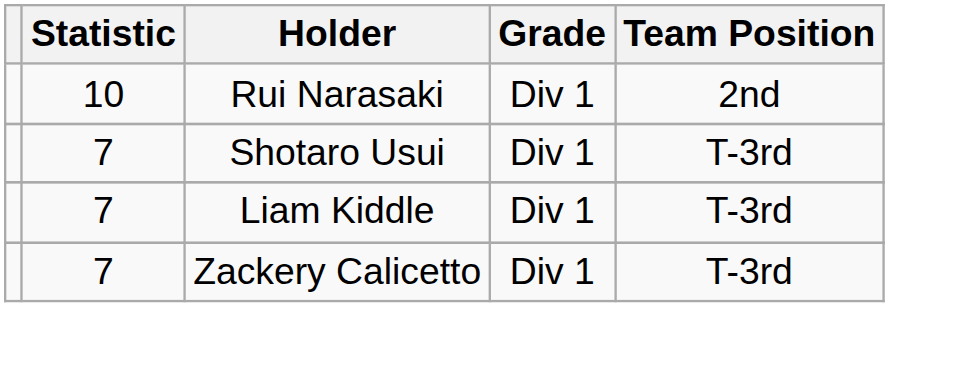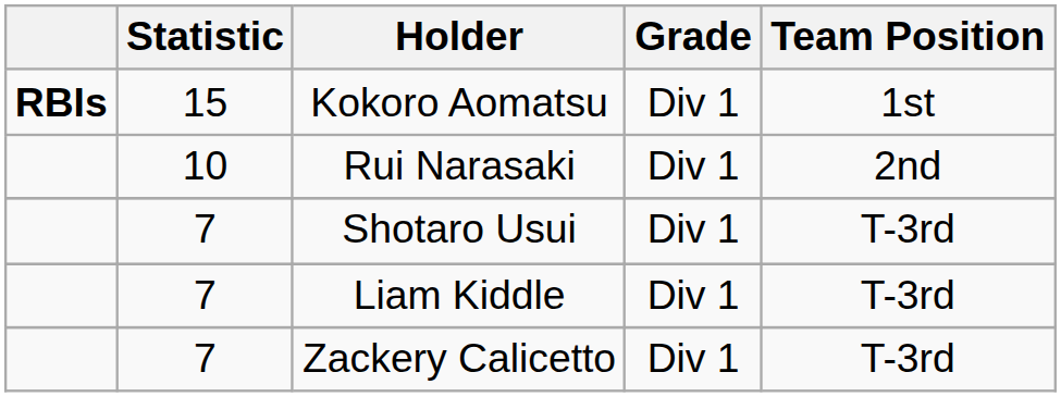 <table class="wikitable" style="text-align: center; mPERin: 0 auto;">
 <tr>
 <th></th>
 <th>Statistic</th>
 <th>Holder</th>
 <th>Grade</th>
 <th>Team Position</th>
+</tr>
+<tr>
+<td><strong>RBIs</strong></td>
+<td>15</td>
+<td>Kokoro Aomatsu</td>
+<td>Div 1</td>
+<td>1st</td>
 </tr>
 <tr>
 <td></td>
 <td>10</td>
 <td>Rui Narasaki</td>
 <td>Div 1</td>
 <td>2nd</td>
 </tr>
 <tr>
 </tr>
 <tr>
 <td></td>
 <td>7</td>
 <td>Shotaro Usui</td>
 <td>Div 1</td>
 <td>T-3rd</td>
 </tr>
 <tr>
 </tr>
 <tr>
 <td></td>
 <td>7</td>
 <td>Liam Kiddle</td>
 <td>Div 1</td>
 <td>T-3rd</td>
 </tr>
 <tr>
 </tr>
 <tr>
 <td></td>
 <td>7</td>
 <td>Zackery Calicetto</td>
 <td>Div 1</td>
 <td>T-3rd</td>
 </tr>
 </table>
